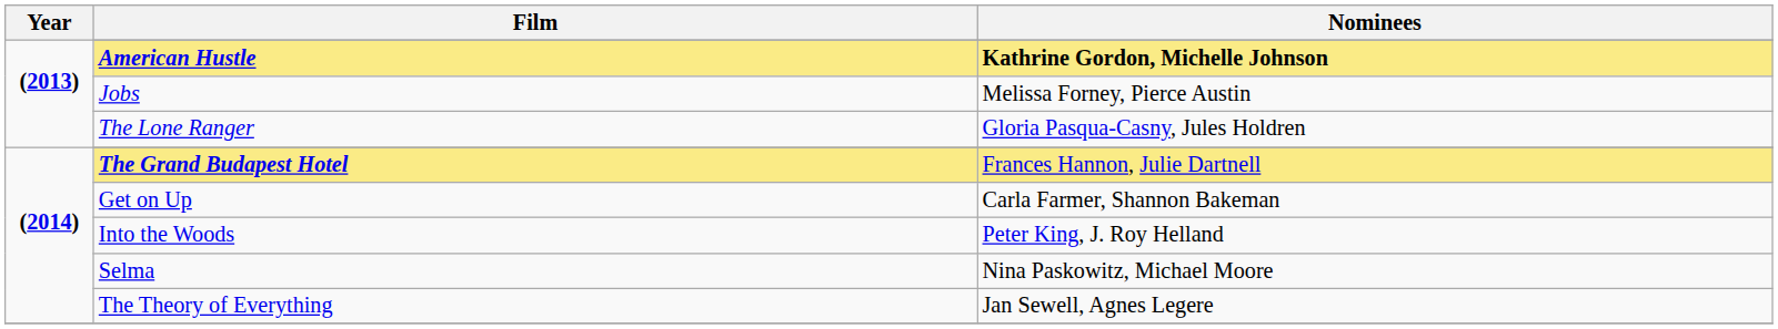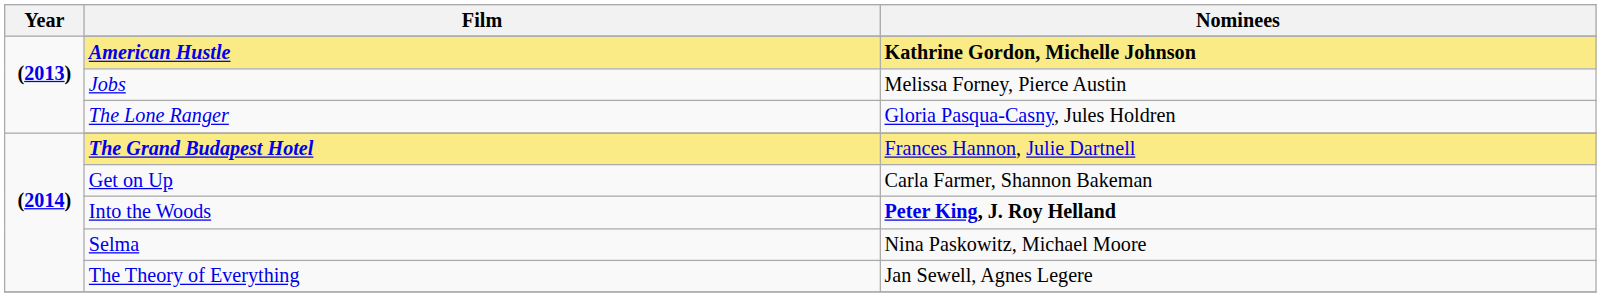 <table class="wikitable" style="width:100%">
 <tr bgcolor="#bebebe">
 <th width="5%">Year</th>
 <th width="50%">Film</th>
 <th width="45%">Nominees</th>
 </tr>
 <tr>
 <td rowspan=4 style="text-align:center"><strong>(<a href='#'>2013</a>)</strong><br> <br> </td>
 </tr>
 <tr style="background:#FAEB86">
 <td><strong><em><a href='#'>American Hustle</a></em></strong></td>
 <td><strong>Kathrine Gordon, Michelle Johnson</strong></td>
 </tr>
 <tr>
 <td><em><a href='#'>Jobs</a></em></td>
 <td>Melissa Forney, Pierce Austin</td>
 </tr>
 <tr>
 <td><em><a href='#'>The Lone Ranger</a></em></td>
 <td><a href='#'>Gloria Pasqua-Casny</a>, Jules Holdren</td>
 </tr>
 <tr>
 <td rowspan=6 style="text-align:center"><strong>(<a href='#'>2014</a>)</strong><br> <br> </td>
 </tr>
 <tr style="background:#FAEB86">
 <td><strong><em><a href='#'>The Grand Budapest Hotel</a><em> <strong></td>
 <td></strong><a href='#'>Frances Hannon</a>, <a href='#'>Julie Dartnell</a><strong></td>
 </tr>
 <tr>
 <td></em><a href='#'>Get on Up</a><em></td>
 <td>Carla Farmer, Shannon Bakeman</td>
 </tr>
 <tr>
 <td></em><a href='#'>Into the Woods</a><em></td>
-<td><a href='#'>Peter King</a>, J. Roy Helland</td>
+<td><strong><a href='#'>Peter King</a>, J. Roy Helland</strong></td>
 </tr>
 <tr>
 <td></em><a href='#'>Selma</a><em></td>
 <td>Nina Paskowitz, Michael Moore</td>
 </tr>
 <tr>
 <td></em><a href='#'>The Theory of Everything</a><em></td>
 <td>Jan Sewell, Agnes Legere</td>
 </tr>
 <tr>
 </tr>
 </table>
